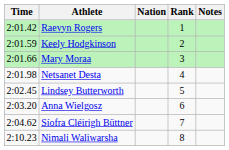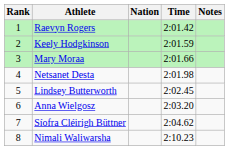 <table class="wikitable sortable" style="text-align:center;">
 <tr>
-<th>Time</th>
+<th>Rank</th>
 <th>Athlete</th>
 <th>Nation</th>
-<th>Rank</th>
+<th>Time</th>
 <th>Notes</th>
 </tr>
 <tr bgcolor=#bbf3bb>
-<td>2:01.42</td>
+<td>1</td>
 <td align="left"><a href='#'>Raevyn Rogers</a></td>
 <td align=left></td>
-<td>1</td>
+<td>2:01.42</td>
 <td></td>
 </tr>
 <tr bgcolor=#bbf3bb>
-<td>2:01.59</td>
+<td>2</td>
 <td align="left"><a href='#'>Keely Hodgkinson</a></td>
 <td align=left></td>
-<td>2</td>
+<td>2:01.59</td>
 <td></td>
 </tr>
 <tr bgcolor=#bbf3bb>
-<td>2:01.66</td>
+<td>3</td>
 <td align="left"><a href='#'>Mary Moraa</a></td>
 <td align=left></td>
-<td>3</td>
+<td>2:01.66</td>
 <td></td>
 </tr>
 <tr>
-<td>2:01.98</td>
+<td>4</td>
 <td align="left"><a href='#'>Netsanet Desta</a></td>
 <td align=left></td>
-<td>4</td>
+<td>2:01.98</td>
 <td></td>
 </tr>
 <tr>
-<td>2:02.45</td>
+<td>5</td>
 <td align="left"><a href='#'>Lindsey Butterworth</a></td>
 <td align=left></td>
-<td>5</td>
+<td>2:02.45</td>
 <td></td>
 </tr>
 <tr>
-<td>2:03.20</td>
+<td>6</td>
 <td align="left"><a href='#'>Anna Wielgosz</a></td>
 <td align=left></td>
-<td>6</td>
+<td>2:03.20</td>
 <td></td>
 </tr>
 <tr>
-<td>2:04.62</td>
+<td>7</td>
 <td align="left"><a href='#'>Síofra Cléirigh Büttner</a></td>
 <td align=left></td>
-<td>7</td>
+<td>2:04.62</td>
 <td></td>
 </tr>
 <tr>
-<td>2:10.23</td>
+<td>8</td>
 <td align="left"><a href='#'>Nimali Waliwarsha</a></td>
 <td align=left></td>
-<td>8</td>
+<td>2:10.23</td>
 <td></td>
 </tr>
 </table>
